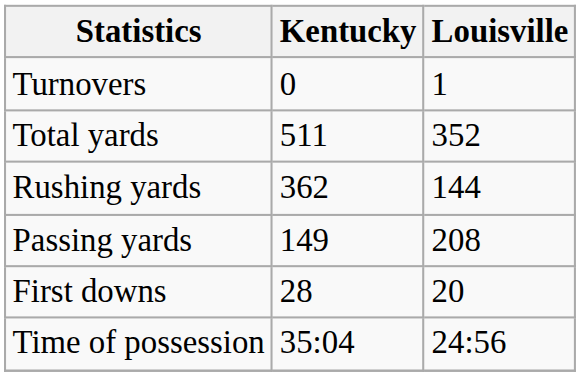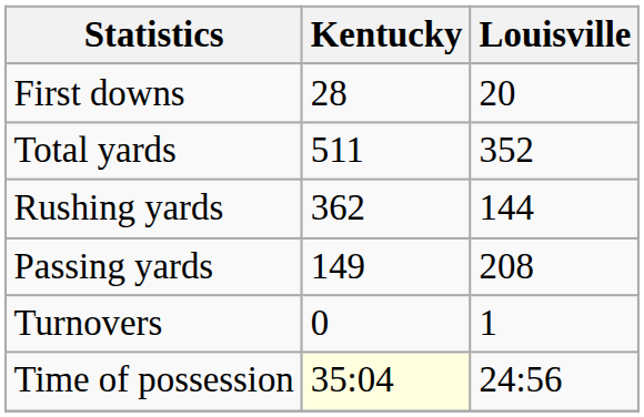 <table class="wikitable" style="float: left;">
 <tr>
 <th>Statistics</th>
 <th>Kentucky</th>
 <th>Louisville</th>
 </tr>
 <tr>
-<td>Turnovers</td>
-<td>0</td>
-<td>1</td>
+<td>First downs</td>
+<td>28</td>
+<td>20</td>
 </tr>
 <tr>
 <td>Total yards</td>
 <td>511</td>
 <td>352</td>
 </tr>
 <tr>
 <td>Rushing yards</td>
 <td>362</td>
 <td>144</td>
 </tr>
 <tr>
 <td>Passing yards</td>
 <td>149</td>
 <td>208</td>
 </tr>
 <tr>
-<td>First downs</td>
-<td>28</td>
-<td>20</td>
+<td>Turnovers</td>
+<td>0</td>
+<td>1</td>
 </tr>
 <tr>
 <td>Time of possession</td>
-<td>35:04</td>
+<td style="background: lightyellow;">35:04</td>
 <td>24:56</td>
 </tr>
 <tr>
 </tr>
 </table>
